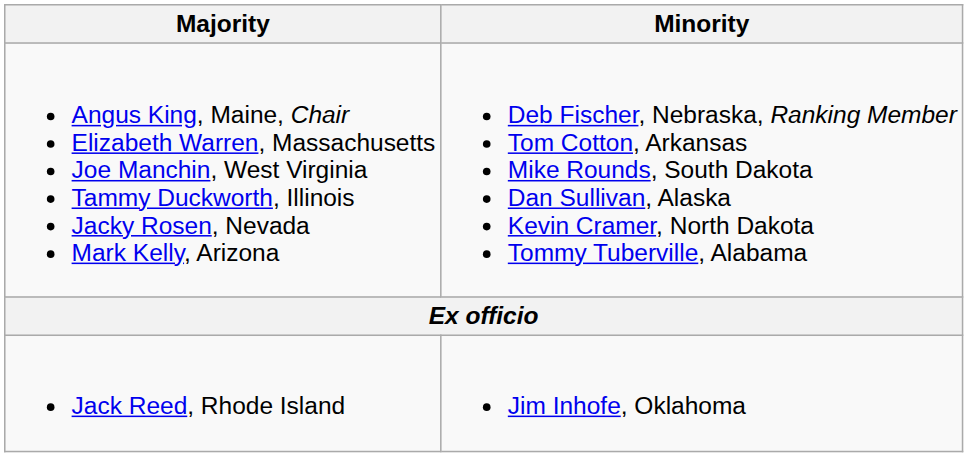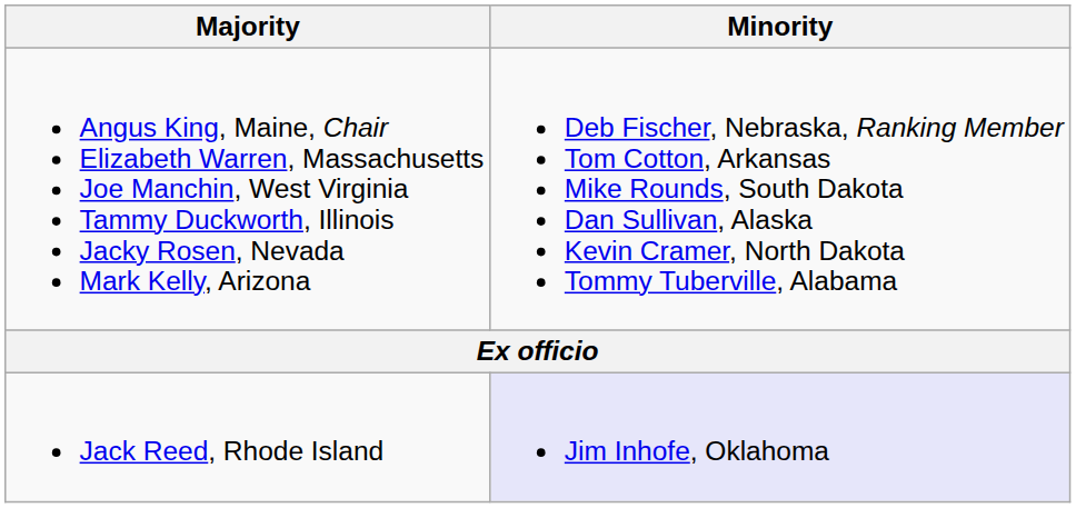 <table class=wikitable>
 <tr>
 <th>Majority</th>
 <th>Minority</th>
 </tr>
 <tr>
 <td><br><ul><li><span><a href='#'>Angus King</a>, Maine, <em>Chair</em></span></li><li><a href='#'>Elizabeth Warren</a>, Massachusetts</li><li><a href='#'>Joe Manchin</a>, West Virginia</li><li><a href='#'>Tammy Duckworth</a>, Illinois</li><li><a href='#'>Jacky Rosen</a>, Nevada</li><li><a href='#'>Mark Kelly</a>, Arizona</li></ul></td>
 <td><br><ul><li><a href='#'>Deb Fischer</a>, Nebraska, <em>Ranking Member</em></li><li><a href='#'>Tom Cotton</a>, Arkansas</li><li><a href='#'>Mike Rounds</a>, South Dakota</li><li><a href='#'>Dan Sullivan</a>, Alaska</li><li><a href='#'>Kevin Cramer</a>, North Dakota</li><li><a href='#'>Tommy Tuberville</a>, Alabama</li></ul></td>
 </tr>
 <tr>
 <th colspan=2><em>Ex officio</em></th>
 </tr>
 <tr>
 <td><br><ul><li><a href='#'>Jack Reed</a>, Rhode Island</li></ul></td>
-<td><br><ul><li><a href='#'>Jim Inhofe</a>, Oklahoma</li></ul></td>
+<td style="background: lavender;"><br><ul><li><a href='#'>Jim Inhofe</a>, Oklahoma</li></ul></td>
 </tr>
 </table>
